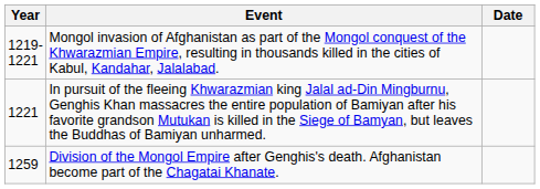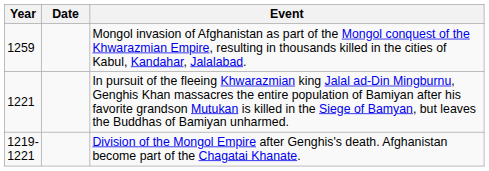 <table class="wikitable" width="100%">
 <tr>
 <th style="width:6%">Year</th>
+<th style="width:10%">Date</th>
 <th>Event</th>
-<th style="width:10%">Date</th>
+</tr>
+<tr>
+<td>1259</td>
+<td></td>
+<td>Mongol invasion of Afghanistan as part of the <a href='#'>Mongol conquest of the Khwarazmian Empire</a>, resulting in thousands killed in the cities of Kabul, <a href='#'>Kandahar</a>, <a href='#'>Jalalabad</a>.</td>
+</tr>
+<tr>
+<td>1221</td>
+<td></td>
+<td>In pursuit of the fleeing <a href='#'>Khwarazmian</a> king <a href='#'>Jalal ad-Din Mingburnu</a>, Genghis Khan massacres the entire population of Bamiyan after his favorite grandson <a href='#'>Mutukan</a> is killed in the <a href='#'>Siege of Bamyan</a>, but leaves the Buddhas of Bamiyan unharmed.</td>
 </tr>
 <tr>
 <td>1219-1221</td>
-<td>Mongol invasion of Afghanistan as part of the <a href='#'>Mongol conquest of the Khwarazmian Empire</a>, resulting in thousands killed in the cities of Kabul, <a href='#'>Kandahar</a>, <a href='#'>Jalalabad</a>.</td>
 <td></td>
-</tr>
-<tr>
-<td>1221</td>
-<td>In pursuit of the fleeing <a href='#'>Khwarazmian</a> king <a href='#'>Jalal ad-Din Mingburnu</a>, Genghis Khan massacres the entire population of Bamiyan after his favorite grandson <a href='#'>Mutukan</a> is killed in the <a href='#'>Siege of Bamyan</a>, but leaves the Buddhas of Bamiyan unharmed.</td>
-<td></td>
-</tr>
-<tr>
-<td>1259</td>
 <td><a href='#'>Division of the Mongol Empire</a> after Genghis's death. Afghanistan become part of the <a href='#'>Chagatai Khanate</a>.</td>
-<td></td>
 </tr>
 </table>
